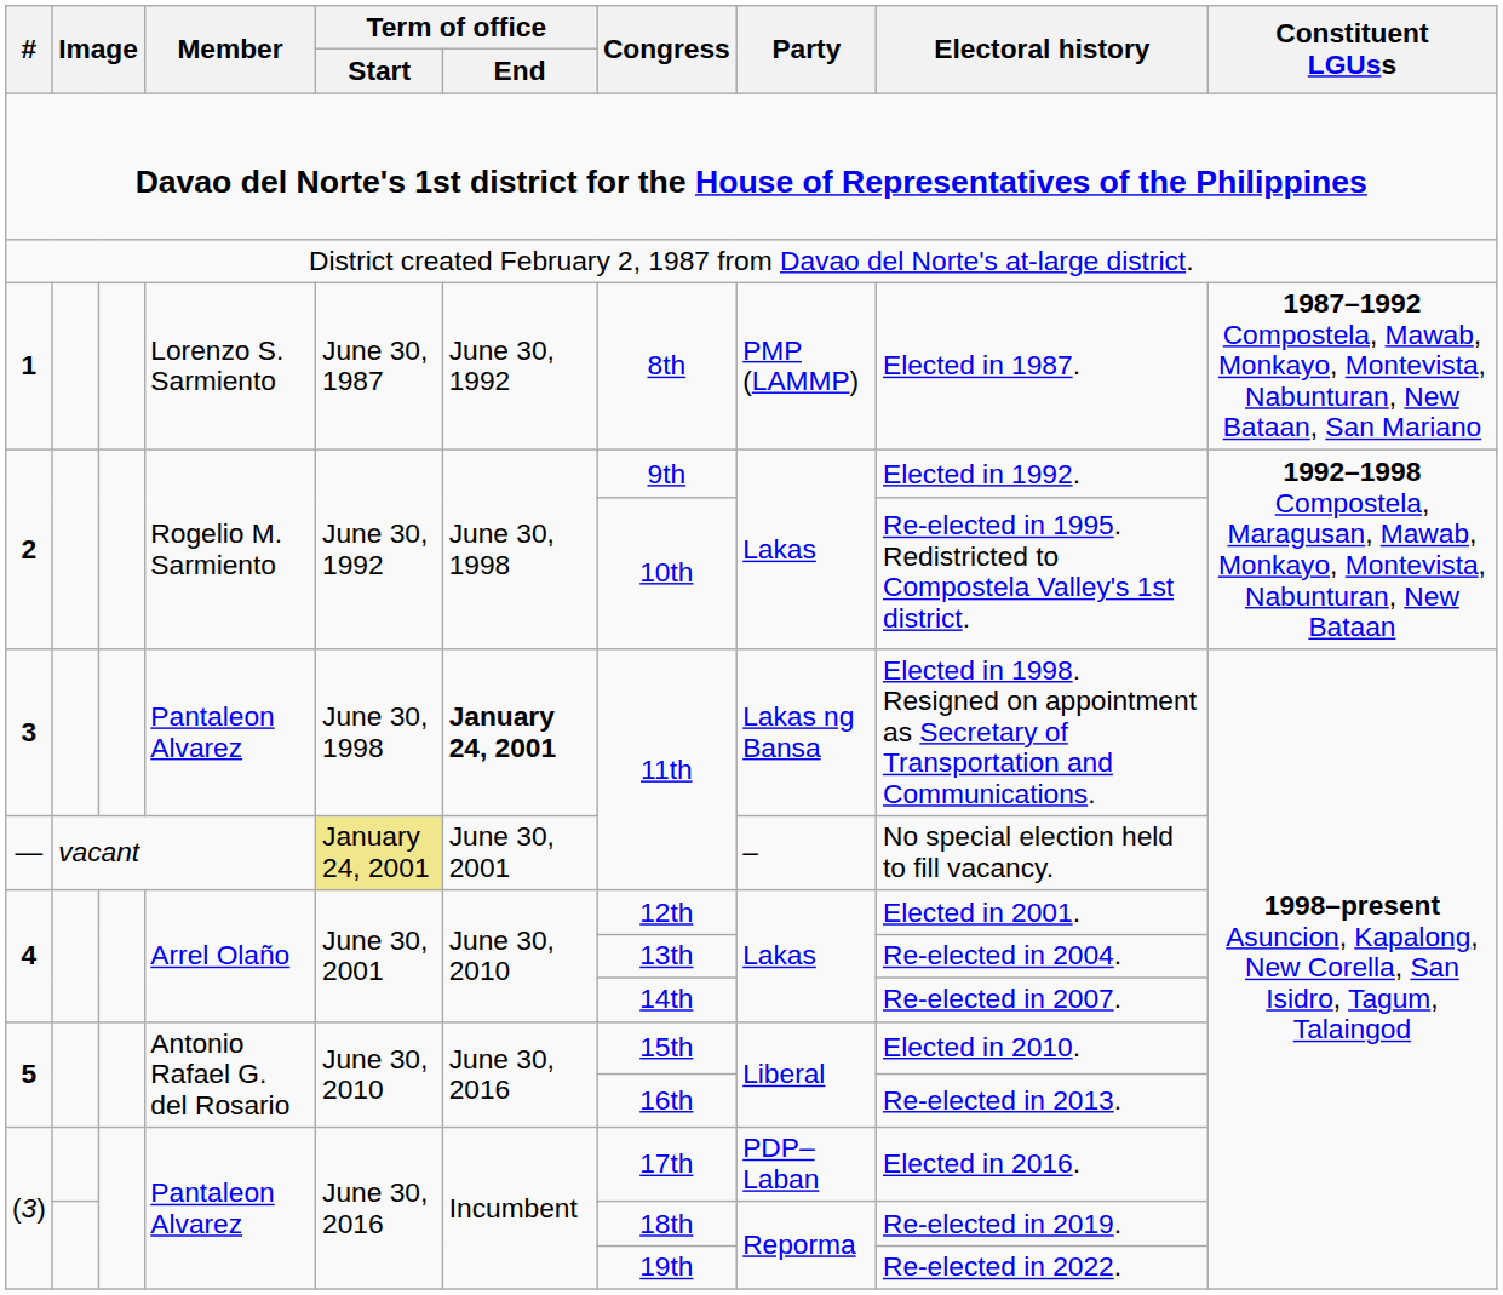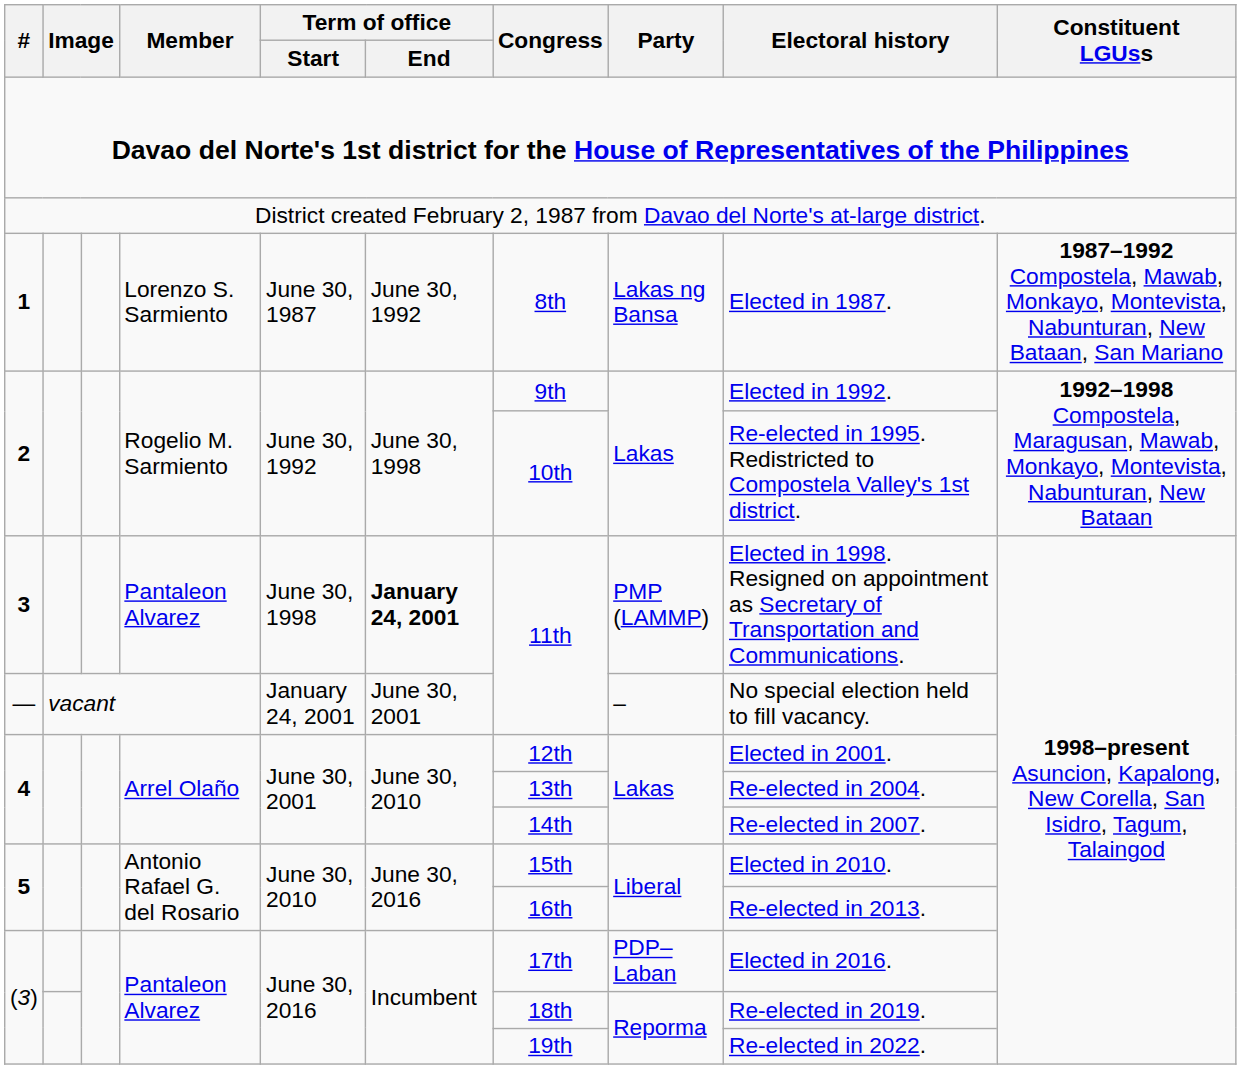 <table class=wikitable>
 <tr>
 <th rowspan="2">#</th>
 <th rowspan="2" colspan=2>Image</th>
 <th rowspan="2">Member</th>
 <th colspan=2>Term of office</th>
 <th rowspan="2">Congress</th>
 <th rowspan="2">Party</th>
 <th rowspan="2">Electoral history</th>
 <th rowspan="2">Constituent<br><a href='#'>LGUs</a>s</th>
 </tr>
 <tr>
 <th>Start</th>
 <th>End</th>
 </tr>
 <tr>
 <td colspan="10" style="text-align:center;"><br><h3>Davao del Norte's 1st district for the <a href='#'>House of Representatives of the Philippines</a></h3></td>
 </tr>
 <tr>
 <td colspan="10" style="text-align:center;">District created February 2, 1987 from <a href='#'>Davao del Norte's at-large district</a>.</td>
 </tr>
 <tr>
 <td style="text-align:center;"><strong>1</strong></td>
 <td style="color:inherit;background:"></td>
 <td></td>
 <td>Lorenzo S. Sarmiento</td>
 <td>June 30, 1987</td>
 <td>June 30, 1992</td>
 <td style="text-align:center;"><a href='#'>8th</a></td>
-<td><a href='#'>PMP</a> (<a href='#'>LAMMP</a>)</td>
+<td><a href='#'>Lakas ng Bansa</a></td>
 <td><a href='#'>Elected in 1987</a>.</td>
 <td style="text-align:center;"><strong>1987–1992</strong><br><a href='#'>Compostela</a>, <a href='#'>Mawab</a>, <a href='#'>Monkayo</a>, <a href='#'>Montevista</a>, <a href='#'>Nabunturan</a>, <a href='#'>New Bataan</a>, <a href='#'>San Mariano</a></td>
 </tr>
 <tr>
 <td rowspan="2" style="text-align:center;"><strong>2</strong></td>
 <td rowspan="2" style="color:inherit;background:"></td>
 <td rowspan="2"></td>
 <td rowspan="2">Rogelio M. Sarmiento</td>
 <td rowspan="2">June 30, 1992</td>
 <td rowspan="2">June 30, 1998</td>
 <td style="text-align:center;"><a href='#'>9th</a></td>
 <td rowspan="2"><a href='#'>Lakas</a></td>
 <td><a href='#'>Elected in 1992</a>.</td>
 <td rowspan="2" style="text-align:center;"><strong>1992–1998</strong><br><a href='#'>Compostela</a>, <a href='#'>Maragusan</a>, <a href='#'>Mawab</a>, <a href='#'>Monkayo</a>, <a href='#'>Montevista</a>, <a href='#'>Nabunturan</a>, <a href='#'>New Bataan</a></td>
 </tr>
 <tr>
 <td style="text-align:center;"><a href='#'>10th</a></td>
 <td><a href='#'>Re-elected in 1995</a>. Redistricted to <a href='#'>Compostela Valley's 1st district</a>.</td>
 </tr>
 <tr>
 <td style="text-align:center;"><strong>3</strong></td>
 <td style="color:inherit;background:"></td>
 <td></td>
 <td><a href='#'>Pantaleon Alvarez</a></td>
 <td>June 30, 1998</td>
 <td><strong>January 24, 2001</strong></td>
 <td rowspan="2" style="text-align:center;"><a href='#'>11th</a></td>
-<td><a href='#'>Lakas ng Bansa</a></td>
+<td><a href='#'>PMP</a> (<a href='#'>LAMMP</a>)</td>
 <td><a href='#'>Elected in 1998</a>.<br>Resigned on appointment as <a href='#'>Secretary of Transportation and Communications</a>.</td>
 <td rowspan="10" style="text-align:center;"><strong>1998–present</strong><br><a href='#'>Asuncion</a>, <a href='#'>Kapalong</a>, <a href='#'>New Corella</a>, <a href='#'>San Isidro</a>, <a href='#'>Tagum</a>, <a href='#'>Talaingod</a></td>
 </tr>
 <tr>
 <td style="text-align:center;">—</td>
 <td colspan="3"><em>vacant</em></td>
-<td style="background: khaki;">January 24, 2001</td>
+<td>January 24, 2001</td>
 <td>June 30, 2001</td>
 <td>–</td>
 <td>No special election held to fill vacancy.</td>
 </tr>
 <tr>
 <td rowspan="3" style="text-align:center;"><strong>4</strong></td>
 <td rowspan="3" style="color:inherit;background:"></td>
 <td rowspan="3"></td>
 <td rowspan="3"><a href='#'>Arrel Olaño</a></td>
 <td rowspan="3">June 30, 2001</td>
 <td rowspan="3">June 30, 2010</td>
 <td style="text-align:center;"><a href='#'>12th</a></td>
 <td rowspan="3"><a href='#'>Lakas</a></td>
 <td><a href='#'>Elected in 2001</a>.</td>
 </tr>
 <tr>
 <td style="text-align:center;"><a href='#'>13th</a></td>
 <td><a href='#'>Re-elected in 2004</a>.</td>
 </tr>
 <tr>
 <td style="text-align:center;"><a href='#'>14th</a></td>
 <td><a href='#'>Re-elected in 2007</a>.</td>
 </tr>
 <tr>
 <td rowspan="2" style="text-align:center;"><strong>5</strong></td>
 <td rowspan="2" style="color:inherit;background:"></td>
 <td rowspan="2"></td>
 <td rowspan="2">Antonio Rafael G. del Rosario</td>
 <td rowspan="2">June 30, 2010</td>
 <td rowspan="2">June 30, 2016</td>
 <td style="text-align:center;"><a href='#'>15th</a></td>
 <td rowspan="2"><a href='#'>Liberal</a></td>
 <td><a href='#'>Elected in 2010</a>.</td>
 </tr>
 <tr>
 <td style="text-align:center;"><a href='#'>16th</a></td>
 <td><a href='#'>Re-elected in 2013</a>.</td>
 </tr>
 <tr>
 <td rowspan="3" style="text-align:center;">(<em>3</em>)</td>
 <td style="color:inherit;background:"></td>
 <td rowspan="3"></td>
 <td rowspan="3"><a href='#'>Pantaleon Alvarez</a></td>
 <td rowspan="3">June 30, 2016</td>
 <td rowspan="3">Incumbent</td>
 <td style="text-align:center;"><a href='#'>17th</a></td>
 <td><a href='#'>PDP–Laban</a></td>
 <td><a href='#'>Elected in 2016</a>.</td>
 </tr>
 <tr>
 <td rowspan="2" style="color:inherit;background:"></td>
 <td style="text-align:center;"><a href='#'>18th</a></td>
 <td rowspan="2"><a href='#'>Reporma</a></td>
 <td><a href='#'>Re-elected in 2019</a>.</td>
 </tr>
 <tr>
 <td style="text-align:center;"><a href='#'>19th</a></td>
 <td><a href='#'>Re-elected in 2022</a>.</td>
 </tr>
 </table>
